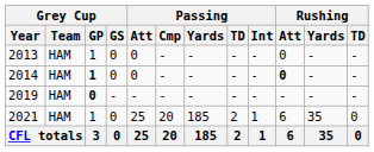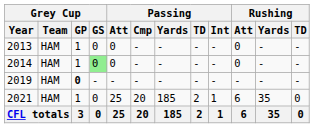 <table class="wikitable">
 <tr>
 <th colspan="4">Grey Cup</th>
 <th colspan="5">Passing</th>
 <th colspan="3">Rushing</th>
 </tr>
 <tr>
 <th>Year</th>
 <th>Team</th>
 <th>GP</th>
 <th>GS</th>
 <th>Att</th>
 <th>Cmp</th>
 <th>Yards</th>
 <th>TD</th>
 <th>Int</th>
 <th>Att</th>
 <th>Yards</th>
 <th>TD</th>
 </tr>
 <tr>
 <td>2013</td>
 <td>HAM</td>
 <td>1</td>
 <td>0</td>
 <td>0</td>
 <td>-</td>
 <td>-</td>
 <td>-</td>
 <td>-</td>
 <td>0</td>
 <td>-</td>
 <td>-</td>
 </tr>
 <tr>
 <td>2014</td>
 <td>HAM</td>
-<td><strong>1</strong></td>
-<td>0</td>
+<td>1</td>
+<td style="background: lightgreen;">0</td>
 <td>0</td>
 <td>-</td>
 <td>-</td>
 <td>-</td>
 <td>-</td>
-<td><strong>0</strong></td>
+<td>0</td>
 <td>-</td>
 <td>-</td>
 </tr>
 <tr>
 <td>2019</td>
 <td>HAM</td>
 <td><strong>0</strong></td>
 <td>-</td>
 <td>-</td>
 <td>-</td>
 <td>-</td>
 <td>-</td>
 <td>-</td>
 <td>-</td>
 <td>-</td>
 <td>-</td>
 </tr>
 <tr>
 <td>2021</td>
 <td>HAM</td>
 <td>1</td>
 <td>0</td>
 <td>25</td>
 <td>20</td>
 <td>185</td>
 <td>2</td>
 <td>1</td>
 <td>6</td>
 <td>35</td>
 <td>0</td>
 </tr>
 <tr>
 <th colspan="2"><a href='#'>CFL</a> totals</th>
 <th>3</th>
 <th>0</th>
 <th>25</th>
 <th>20</th>
 <th>185</th>
 <th>2</th>
 <th>1</th>
 <th>6</th>
 <th>35</th>
 <th>0</th>
 </tr>
 </table>
